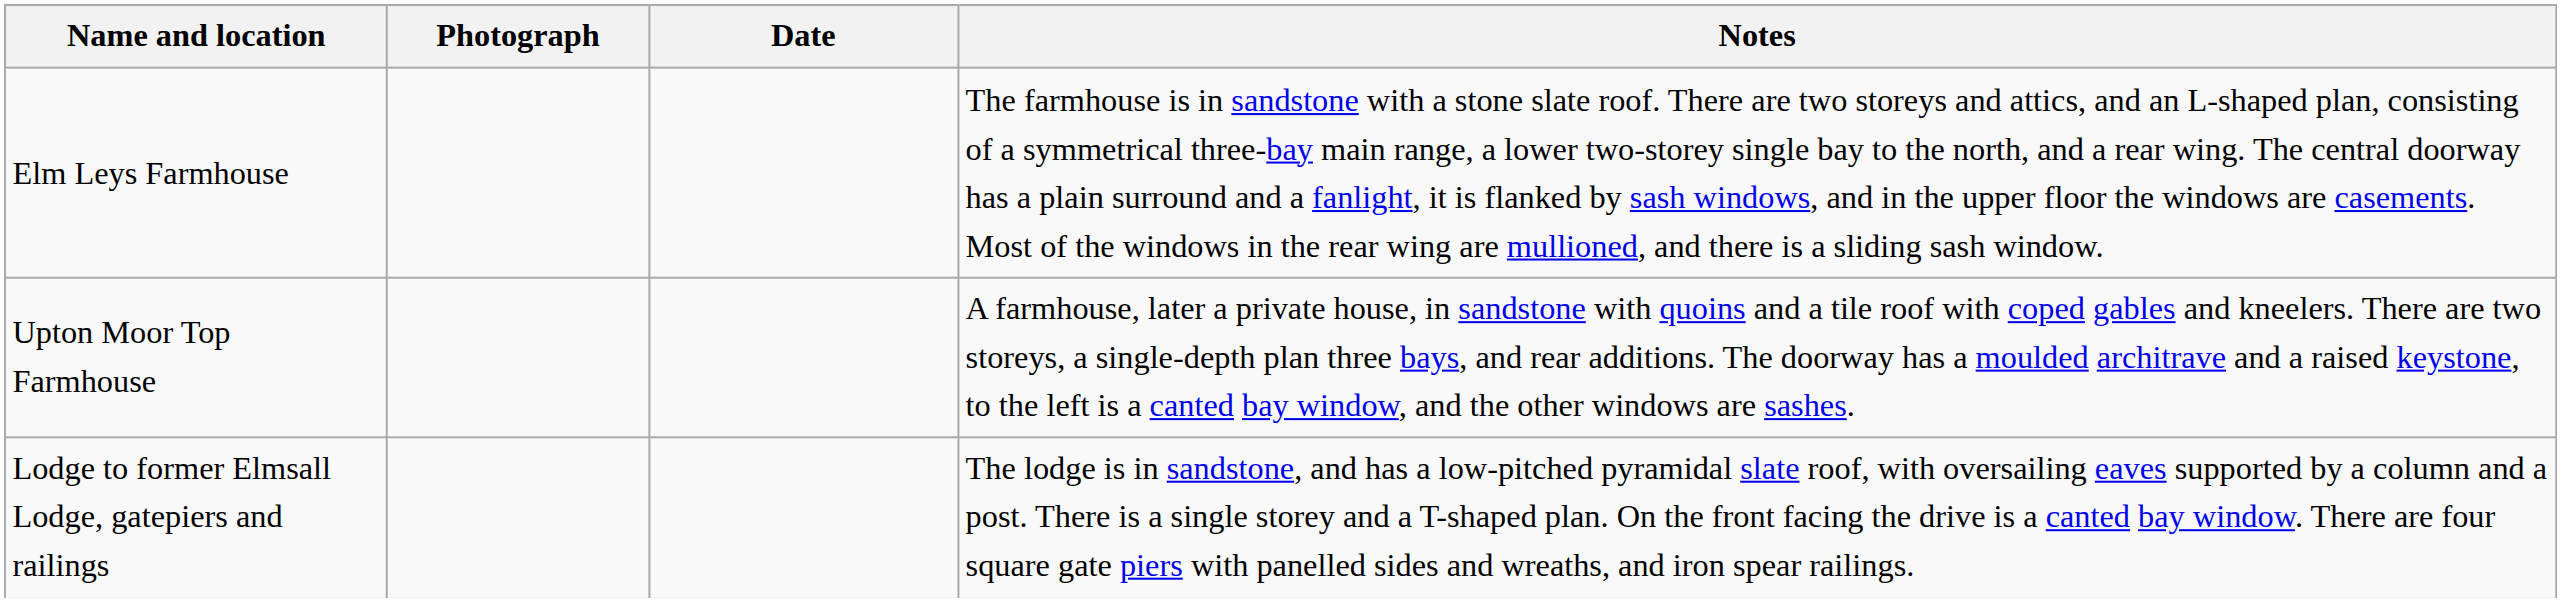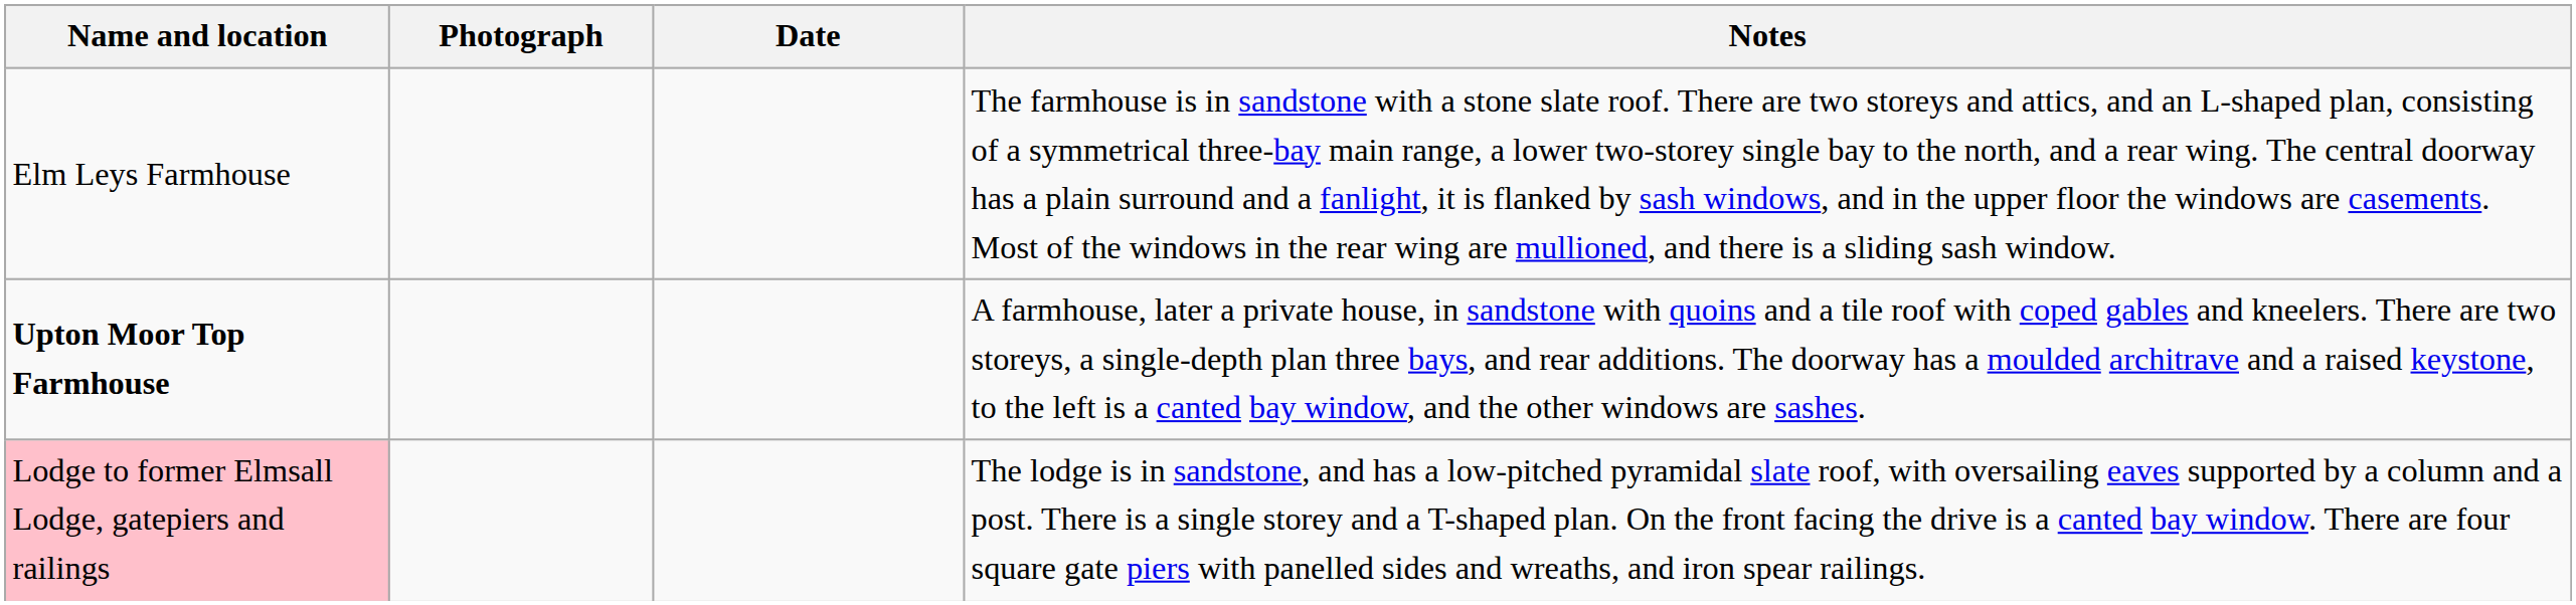 <table class="wikitable sortable plainrowheaders" style="width:100%;border:0px;text-align:left;line-height:150%;">
 <tr>
 <th scope="col"  style="width:150px">Name and location</th>
 <th scope="col"  style="width:100px" class="unsortable">Photograph</th>
 <th scope="col"  style="width:120px">Date</th>
 <th scope="col"  style="width:650px" class="unsortable">Notes</th>
 </tr>
 <tr>
 <td>Elm Leys Farmhouse<br><small></small></td>
 <td></td>
 <td align="center"></td>
 <td>The farmhouse is in <a href='#'>sandstone</a> with a stone slate roof.  There are two storeys and attics, and an L-shaped plan, consisting of a symmetrical three-<a href='#'>bay</a> main range, a lower two-storey single bay to the north, and a rear wing.  The central doorway has a plain surround and a <a href='#'>fanlight</a>, it is flanked by <a href='#'>sash windows</a>, and in the upper floor the windows are <a href='#'>casements</a>.  Most of the windows in the rear wing are <a href='#'>mullioned</a>, and there is a sliding sash window.</td>
 </tr>
 <tr>
-<td>Upton Moor Top Farmhouse<br><small></small></td>
+<td><strong>Upton Moor Top Farmhouse<br><small></small></strong></td>
 <td></td>
 <td align="center"></td>
 <td>A farmhouse, later a private house, in <a href='#'>sandstone</a> with <a href='#'>quoins</a> and a tile roof with <a href='#'>coped</a> <a href='#'>gables</a> and kneelers.  There are two storeys, a single-depth plan three <a href='#'>bays</a>, and rear additions.  The doorway has a <a href='#'>moulded</a> <a href='#'>architrave</a> and a raised <a href='#'>keystone</a>, to the left is a <a href='#'>canted</a> <a href='#'>bay window</a>, and the other windows are <a href='#'>sashes</a>.</td>
 </tr>
 <tr>
-<td>Lodge to former Elmsall Lodge, gatepiers and railings<br><small></small></td>
+<td style="background: pink;">Lodge to former Elmsall Lodge, gatepiers and railings<br><small></small></td>
 <td></td>
 <td align="center"></td>
 <td>The lodge is in <a href='#'>sandstone</a>, and has a low-pitched pyramidal <a href='#'>slate</a> roof, with oversailing <a href='#'>eaves</a> supported by a column and a post.  There is a single storey and a T-shaped plan.  On the front facing the drive is a <a href='#'>canted</a> <a href='#'>bay window</a>.  There are four square gate <a href='#'>piers</a> with panelled sides and wreaths, and iron spear railings.</td>
 </tr>
 <tr>
 </tr>
 </table>
